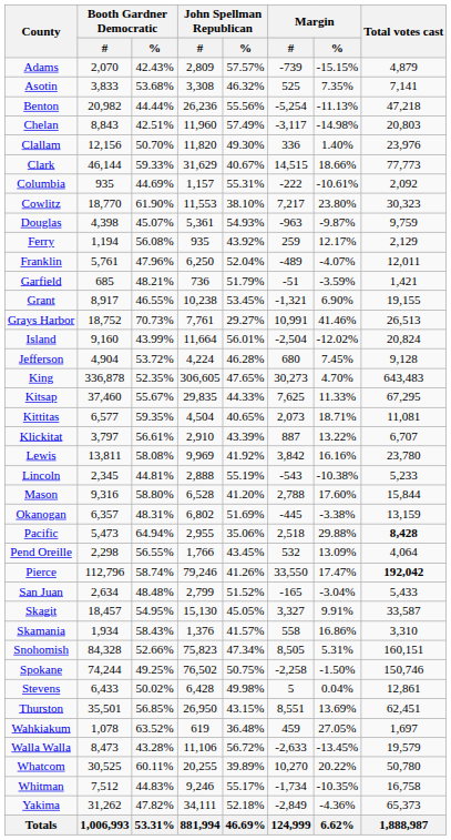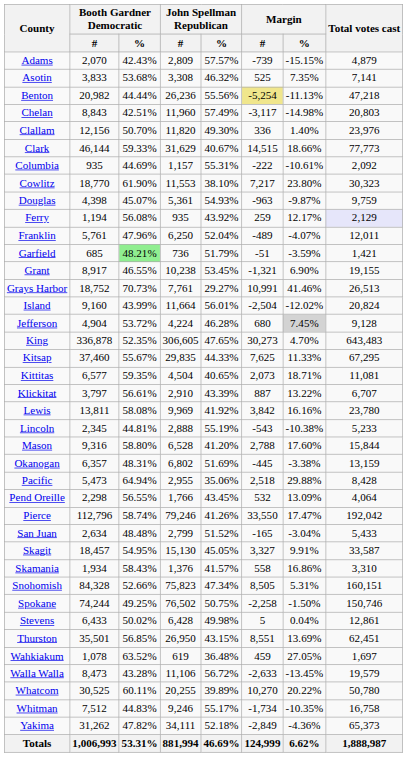 <table class="wikitable sortable">
 <tr>
 <th style="text-align:center;" rowspan="2">County</th>
 <th style="text-align:center;" colspan="2">Booth Gardner<br>Democratic</th>
 <th style="text-align:center;" colspan="2">John Spellman<br>Republican</th>
 <th style="text-align:center;" colspan="2">Margin</th>
 <th style="text-align:center;" rowspan="2">Total votes cast</th>
 </tr>
 <tr bgcolor="lightgrey">
 <th style="text-align:center;" data-sort-type="number">#</th>
 <th style="text-align:center;" data-sort-type="number">%</th>
 <th style="text-align:center;" data-sort-type="number">#</th>
 <th style="text-align:center;" data-sort-type="number">%</th>
 <th style="text-align:center;" data-sort-type="number">#</th>
 <th style="text-align:center;" data-sort-type="number">%</th>
 </tr>
 <tr style="text-align:center;">
 <td><a href='#'>Adams</a></td>
 <td>2,070</td>
 <td>42.43%</td>
 <td>2,809</td>
 <td>57.57%</td>
 <td>-739</td>
 <td>-15.15%</td>
 <td>4,879</td>
 </tr>
 <tr style="text-align:center;">
 <td><a href='#'>Asotin</a></td>
 <td>3,833</td>
 <td>53.68%</td>
 <td>3,308</td>
 <td>46.32%</td>
 <td>525</td>
 <td>7.35%</td>
 <td>7,141</td>
 </tr>
 <tr style="text-align:center;">
 <td><a href='#'>Benton</a></td>
 <td>20,982</td>
 <td>44.44%</td>
 <td>26,236</td>
 <td>55.56%</td>
-<td>-5,254</td>
+<td style="background: khaki;">-5,254</td>
 <td>-11.13%</td>
 <td>47,218</td>
 </tr>
 <tr style="text-align:center;">
 <td><a href='#'>Chelan</a></td>
 <td>8,843</td>
 <td>42.51%</td>
 <td>11,960</td>
 <td>57.49%</td>
 <td>-3,117</td>
 <td>-14.98%</td>
 <td>20,803</td>
 </tr>
 <tr style="text-align:center;">
 <td><a href='#'>Clallam</a></td>
 <td>12,156</td>
 <td>50.70%</td>
 <td>11,820</td>
 <td>49.30%</td>
 <td>336</td>
 <td>1.40%</td>
 <td>23,976</td>
 </tr>
 <tr style="text-align:center;">
 <td><a href='#'>Clark</a></td>
 <td>46,144</td>
 <td>59.33%</td>
 <td>31,629</td>
 <td>40.67%</td>
 <td>14,515</td>
 <td>18.66%</td>
 <td>77,773</td>
 </tr>
 <tr style="text-align:center;">
 <td><a href='#'>Columbia</a></td>
 <td>935</td>
 <td>44.69%</td>
 <td>1,157</td>
 <td>55.31%</td>
 <td>-222</td>
 <td>-10.61%</td>
 <td>2,092</td>
 </tr>
 <tr style="text-align:center;">
 <td><a href='#'>Cowlitz</a></td>
 <td>18,770</td>
 <td>61.90%</td>
 <td>11,553</td>
 <td>38.10%</td>
 <td>7,217</td>
 <td>23.80%</td>
 <td>30,323</td>
 </tr>
 <tr style="text-align:center;">
 <td><a href='#'>Douglas</a></td>
 <td>4,398</td>
 <td>45.07%</td>
 <td>5,361</td>
 <td>54.93%</td>
 <td>-963</td>
 <td>-9.87%</td>
 <td>9,759</td>
 </tr>
 <tr style="text-align:center;">
 <td><a href='#'>Ferry</a></td>
 <td>1,194</td>
 <td>56.08%</td>
 <td>935</td>
 <td>43.92%</td>
 <td>259</td>
 <td>12.17%</td>
-<td>2,129</td>
+<td style="background: lavender;">2,129</td>
 </tr>
 <tr style="text-align:center;">
 <td><a href='#'>Franklin</a></td>
 <td>5,761</td>
 <td>47.96%</td>
 <td>6,250</td>
 <td>52.04%</td>
 <td>-489</td>
 <td>-4.07%</td>
 <td>12,011</td>
 </tr>
 <tr style="text-align:center;">
 <td><a href='#'>Garfield</a></td>
 <td>685</td>
-<td>48.21%</td>
+<td style="background: lightgreen;">48.21%</td>
 <td>736</td>
 <td>51.79%</td>
 <td>-51</td>
 <td>-3.59%</td>
 <td>1,421</td>
 </tr>
 <tr style="text-align:center;">
 <td><a href='#'>Grant</a></td>
 <td>8,917</td>
 <td>46.55%</td>
 <td>10,238</td>
 <td>53.45%</td>
 <td>-1,321</td>
 <td>6.90%</td>
 <td>19,155</td>
 </tr>
 <tr style="text-align:center;">
 <td><a href='#'>Grays Harbor</a></td>
 <td>18,752</td>
 <td>70.73%</td>
 <td>7,761</td>
 <td>29.27%</td>
 <td>10,991</td>
 <td>41.46%</td>
 <td>26,513</td>
 </tr>
 <tr style="text-align:center;">
 <td><a href='#'>Island</a></td>
 <td>9,160</td>
 <td>43.99%</td>
 <td>11,664</td>
 <td>56.01%</td>
 <td>-2,504</td>
 <td>-12.02%</td>
 <td>20,824</td>
 </tr>
 <tr style="text-align:center;">
 <td><a href='#'>Jefferson</a></td>
 <td>4,904</td>
 <td>53.72%</td>
 <td>4,224</td>
 <td>46.28%</td>
 <td>680</td>
-<td>7.45%</td>
+<td style="background: lightgrey;">7.45%</td>
 <td>9,128</td>
 </tr>
 <tr style="text-align:center;">
 <td><a href='#'>King</a></td>
 <td>336,878</td>
 <td>52.35%</td>
 <td>306,605</td>
 <td>47.65%</td>
 <td>30,273</td>
 <td>4.70%</td>
 <td>643,483</td>
 </tr>
 <tr style="text-align:center;">
 <td><a href='#'>Kitsap</a></td>
 <td>37,460</td>
 <td>55.67%</td>
 <td>29,835</td>
 <td>44.33%</td>
 <td>7,625</td>
 <td>11.33%</td>
 <td>67,295</td>
 </tr>
 <tr style="text-align:center;">
 <td><a href='#'>Kittitas</a></td>
 <td>6,577</td>
 <td>59.35%</td>
 <td>4,504</td>
 <td>40.65%</td>
 <td>2,073</td>
 <td>18.71%</td>
 <td>11,081</td>
 </tr>
 <tr style="text-align:center;">
 <td><a href='#'>Klickitat</a></td>
 <td>3,797</td>
 <td>56.61%</td>
 <td>2,910</td>
 <td>43.39%</td>
 <td>887</td>
 <td>13.22%</td>
 <td>6,707</td>
 </tr>
 <tr style="text-align:center;">
 <td><a href='#'>Lewis</a></td>
 <td>13,811</td>
 <td>58.08%</td>
 <td>9,969</td>
 <td>41.92%</td>
 <td>3,842</td>
 <td>16.16%</td>
 <td>23,780</td>
 </tr>
 <tr style="text-align:center;">
 <td><a href='#'>Lincoln</a></td>
 <td>2,345</td>
 <td>44.81%</td>
 <td>2,888</td>
 <td>55.19%</td>
 <td>-543</td>
 <td>-10.38%</td>
 <td>5,233</td>
 </tr>
 <tr style="text-align:center;">
 <td><a href='#'>Mason</a></td>
 <td>9,316</td>
 <td>58.80%</td>
 <td>6,528</td>
 <td>41.20%</td>
 <td>2,788</td>
 <td>17.60%</td>
 <td>15,844</td>
 </tr>
 <tr style="text-align:center;">
 <td><a href='#'>Okanogan</a></td>
 <td>6,357</td>
 <td>48.31%</td>
 <td>6,802</td>
 <td>51.69%</td>
 <td>-445</td>
 <td>-3.38%</td>
 <td>13,159</td>
 </tr>
 <tr style="text-align:center;">
 <td><a href='#'>Pacific</a></td>
 <td>5,473</td>
 <td>64.94%</td>
 <td>2,955</td>
 <td>35.06%</td>
 <td>2,518</td>
 <td>29.88%</td>
-<td><strong>8,428</strong></td>
+<td>8,428</td>
 </tr>
 <tr style="text-align:center;">
 <td><a href='#'>Pend Oreille</a></td>
 <td>2,298</td>
 <td>56.55%</td>
 <td>1,766</td>
 <td>43.45%</td>
 <td>532</td>
 <td>13.09%</td>
 <td>4,064</td>
 </tr>
 <tr style="text-align:center;">
 <td><a href='#'>Pierce</a></td>
 <td>112,796</td>
 <td>58.74%</td>
 <td>79,246</td>
 <td>41.26%</td>
 <td>33,550</td>
 <td>17.47%</td>
-<td><strong>192,042</strong></td>
+<td>192,042</td>
 </tr>
 <tr style="text-align:center;">
 <td><a href='#'>San Juan</a></td>
 <td>2,634</td>
 <td>48.48%</td>
 <td>2,799</td>
 <td>51.52%</td>
 <td>-165</td>
 <td>-3.04%</td>
 <td>5,433</td>
 </tr>
 <tr style="text-align:center;">
 <td><a href='#'>Skagit</a></td>
 <td>18,457</td>
 <td>54.95%</td>
 <td>15,130</td>
 <td>45.05%</td>
 <td>3,327</td>
 <td>9.91%</td>
 <td>33,587</td>
 </tr>
 <tr style="text-align:center;">
 <td><a href='#'>Skamania</a></td>
 <td>1,934</td>
 <td>58.43%</td>
 <td>1,376</td>
 <td>41.57%</td>
 <td>558</td>
 <td>16.86%</td>
 <td>3,310</td>
 </tr>
 <tr style="text-align:center;">
 <td><a href='#'>Snohomish</a></td>
 <td>84,328</td>
 <td>52.66%</td>
 <td>75,823</td>
 <td>47.34%</td>
 <td>8,505</td>
 <td>5.31%</td>
 <td>160,151</td>
 </tr>
 <tr style="text-align:center;">
 <td><a href='#'>Spokane</a></td>
 <td>74,244</td>
 <td>49.25%</td>
 <td>76,502</td>
 <td>50.75%</td>
 <td>-2,258</td>
 <td>-1.50%</td>
 <td>150,746</td>
 </tr>
 <tr style="text-align:center;">
 <td><a href='#'>Stevens</a></td>
 <td>6,433</td>
 <td>50.02%</td>
 <td>6,428</td>
 <td>49.98%</td>
 <td>5</td>
 <td>0.04%</td>
 <td>12,861</td>
 </tr>
 <tr style="text-align:center;">
 <td><a href='#'>Thurston</a></td>
 <td>35,501</td>
 <td>56.85%</td>
 <td>26,950</td>
 <td>43.15%</td>
 <td>8,551</td>
 <td>13.69%</td>
 <td>62,451</td>
 </tr>
 <tr style="text-align:center;">
 <td><a href='#'>Wahkiakum</a></td>
 <td>1,078</td>
 <td>63.52%</td>
 <td>619</td>
 <td>36.48%</td>
 <td>459</td>
 <td>27.05%</td>
 <td>1,697</td>
 </tr>
 <tr style="text-align:center;">
 <td><a href='#'>Walla Walla</a></td>
 <td>8,473</td>
 <td>43.28%</td>
 <td>11,106</td>
 <td>56.72%</td>
 <td>-2,633</td>
 <td>-13.45%</td>
 <td>19,579</td>
 </tr>
 <tr style="text-align:center;">
 <td><a href='#'>Whatcom</a></td>
 <td>30,525</td>
 <td>60.11%</td>
 <td>20,255</td>
 <td>39.89%</td>
 <td>10,270</td>
 <td>20.22%</td>
 <td>50,780</td>
 </tr>
 <tr style="text-align:center;">
 <td><a href='#'>Whitman</a></td>
 <td>7,512</td>
 <td>44.83%</td>
 <td>9,246</td>
 <td>55.17%</td>
 <td>-1,734</td>
 <td>-10.35%</td>
 <td>16,758</td>
 </tr>
 <tr style="text-align:center;">
 <td><a href='#'>Yakima</a></td>
 <td>31,262</td>
 <td>47.82%</td>
 <td>34,111</td>
 <td>52.18%</td>
 <td>-2,849</td>
 <td>-4.36%</td>
 <td>65,373</td>
 </tr>
 <tr>
 <th>Totals</th>
 <th>1,006,993</th>
 <th>53.31%</th>
 <th>881,994</th>
 <th>46.69%</th>
 <th>124,999</th>
 <th>6.62%</th>
 <th>1,888,987</th>
 </tr>
 </table>
